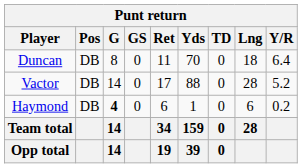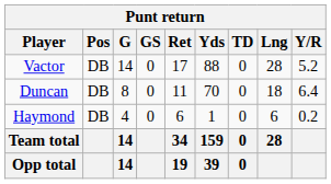 <table class="wikitable" style="text-align:center">
 <tr>
 <th colspan="9">Punt return</th>
 </tr>
 <tr>
 <th>Player</th>
 <th>Pos</th>
 <th>G</th>
 <th>GS</th>
 <th>Ret</th>
 <th>Yds</th>
 <th>TD</th>
 <th>Lng</th>
 <th>Y/R</th>
 </tr>
 <tr>
+<td><a href='#'>Vactor</a></td>
+<td>DB</td>
+<td>14</td>
+<td>0</td>
+<td>17</td>
+<td>88</td>
+<td>0</td>
+<td>28</td>
+<td>5.2</td>
+</tr>
+<tr>
 <td><a href='#'>Duncan</a></td>
 <td>DB</td>
 <td>8</td>
 <td>0</td>
 <td>11</td>
 <td>70</td>
 <td>0</td>
 <td>18</td>
 <td>6.4</td>
 </tr>
 <tr>
-<td><a href='#'>Vactor</a></td>
-<td>DB</td>
-<td>14</td>
-<td>0</td>
-<td>17</td>
-<td>88</td>
-<td>0</td>
-<td>28</td>
-<td>5.2</td>
-</tr>
-<tr>
 <td><a href='#'>Haymond</a></td>
 <td>DB</td>
-<td><strong>4</strong></td>
+<td>4</td>
 <td>0</td>
 <td>6</td>
 <td>1</td>
 <td>0</td>
 <td>6</td>
 <td>0.2</td>
 </tr>
 <tr>
 <th>Team total</th>
 <th></th>
 <th>14</th>
 <th></th>
 <th>34</th>
 <th>159</th>
 <th>0</th>
 <th>28</th>
 <th></th>
 </tr>
 <tr>
 <th>Opp total</th>
 <th></th>
 <th>14</th>
 <th></th>
 <th>19</th>
 <th>39</th>
 <th>0</th>
 <th></th>
 <th></th>
 </tr>
 </table>
